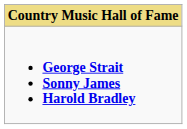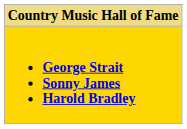 <table class="wikitable">
 <tr>
 <th style="background:#EEDD85; width=50%">Country Music Hall of Fame</th>
 </tr>
 <tr>
-<td valign="top"><br><ul><li><strong><a href='#'>George Strait</a></strong></li><li><strong><a href='#'>Sonny James</a></strong></li><li><strong><a href='#'>Harold Bradley</a></strong></li></ul></td>
+<td valign="top" style="background: gold;"><br><ul><li><strong><a href='#'>George Strait</a></strong></li><li><strong><a href='#'>Sonny James</a></strong></li><li><strong><a href='#'>Harold Bradley</a></strong></li></ul></td>
 </tr>
 </table>
